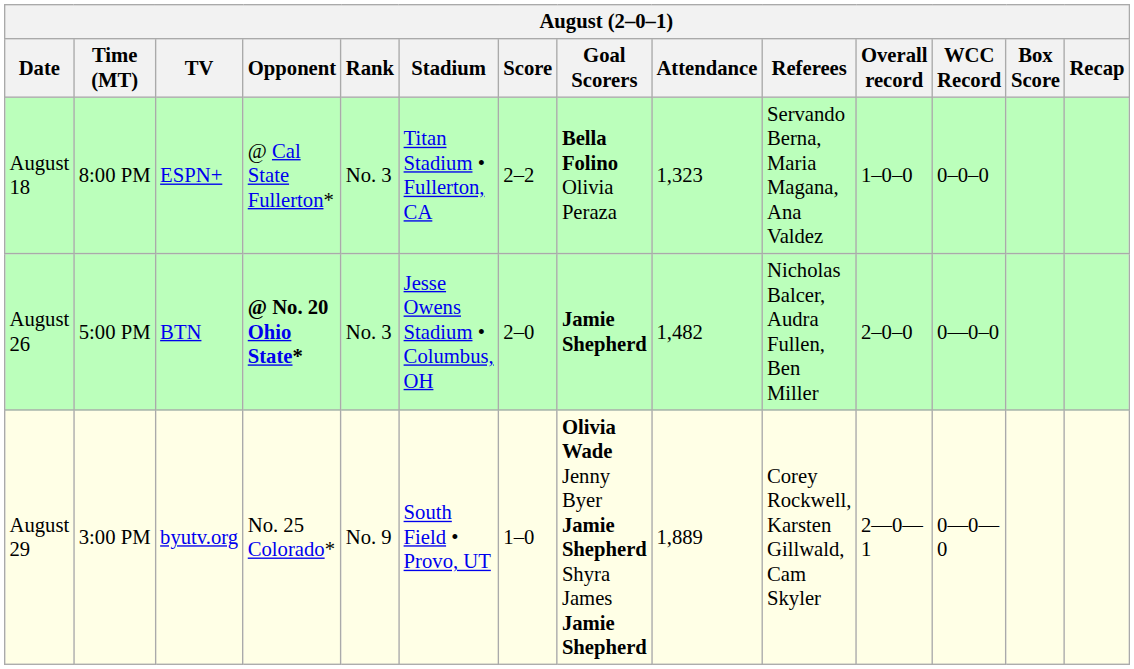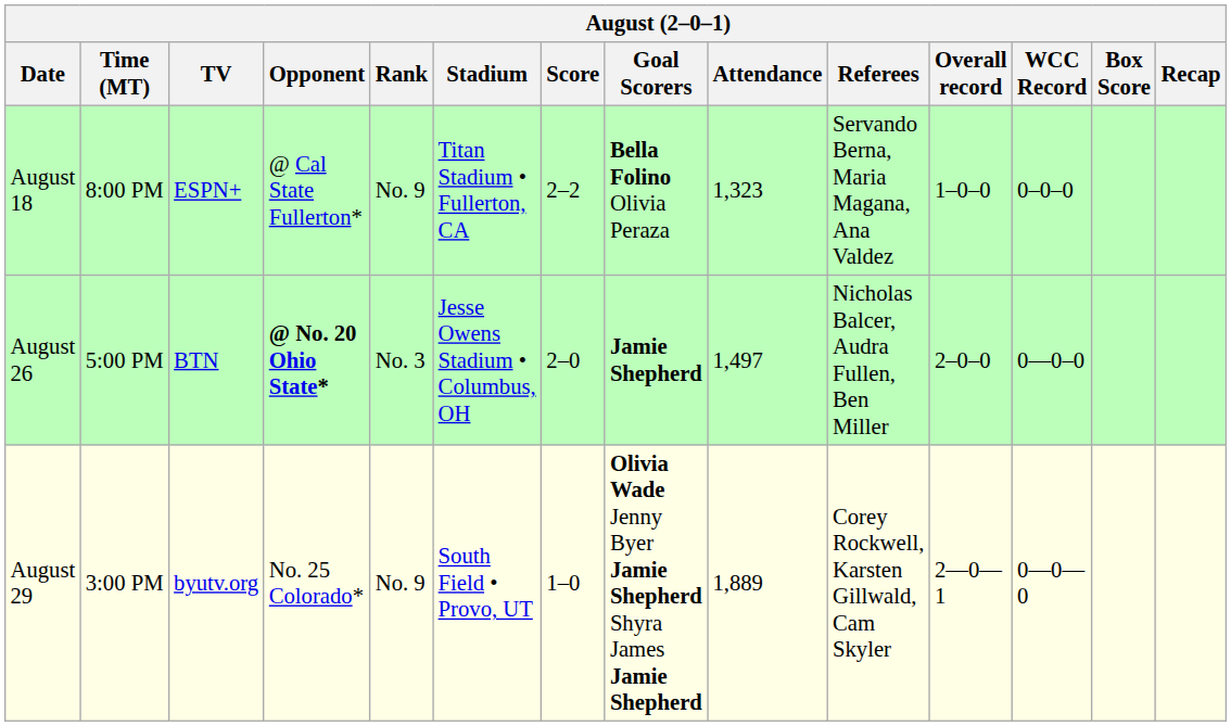 <table class="wikitable collapsible collapsed" style="margin:auto; font-size:95%; width:100%">
 <tr>
 <th colspan=14 style="padding-left:4em;">August (2–0–1)</th>
 </tr>
 <tr>
 <th>Date</th>
 <th>Time (MT)</th>
 <th>TV</th>
 <th>Opponent</th>
 <th>Rank</th>
 <th>Stadium</th>
 <th>Score</th>
 <th>Goal Scorers</th>
 <th>Attendance</th>
 <th>Referees</th>
 <th>Overall record</th>
 <th>WCC Record</th>
 <th>Box Score</th>
 <th>Recap</th>
 </tr>
 <tr bgcolor=bbffbb>
 <td>August 18</td>
 <td>8:00 PM</td>
 <td><a href='#'>ESPN+</a></td>
 <td>@ <a href='#'>Cal State Fullerton</a>*</td>
-<td>No. 3</td>
+<td>No. 9</td>
 <td><a href='#'>Titan Stadium</a> • <a href='#'>Fullerton, CA</a></td>
 <td>2–2</td>
 <td><strong>Bella Folino</strong>  <br>  Olivia Peraza</td>
 <td>1,323</td>
 <td>Servando Berna,<br> Maria Magana,<br> Ana Valdez</td>
 <td>1–0–0</td>
 <td>0–0–0</td>
 <td></td>
 <td></td>
 </tr>
 <tr bgcolor=bbffbb>
 <td>August 26</td>
 <td>5:00 PM</td>
 <td><a href='#'>BTN</a></td>
 <td><strong>@ No. 20 <a href='#'>Ohio State</a>*</strong></td>
 <td>No. 3</td>
 <td><a href='#'>Jesse Owens Stadium</a> • <a href='#'>Columbus, OH</a></td>
 <td>2–0</td>
 <td><strong>Jamie Shepherd</strong> </td>
-<td>1,482</td>
+<td>1,497</td>
 <td>Nicholas Balcer,<br> Audra Fullen,<br> Ben Miller</td>
 <td>2–0–0</td>
 <td>0—0–0</td>
 <td></td>
 <td></td>
 </tr>
 <tr bgcolor=ffffe6>
 <td>August 29</td>
 <td>3:00 PM</td>
 <td><a href='#'>byutv.org</a></td>
 <td>No. 25 <a href='#'>Colorado</a>*</td>
 <td>No. 9</td>
 <td><a href='#'>South Field</a> • <a href='#'>Provo, UT</a></td>
 <td>1–0</td>
 <td><strong>Olivia Wade</strong>  <br>  Jenny Byer <br> <strong>Jamie Shepherd</strong>  <br>  Shyra James <br> <strong>Jamie Shepherd</strong> </td>
 <td>1,889</td>
 <td>Corey Rockwell, <br> Karsten Gillwald, <br> Cam Skyler</td>
 <td>2—0—1</td>
 <td>0—0—0</td>
 <td></td>
 <td></td>
 </tr>
 </table>
